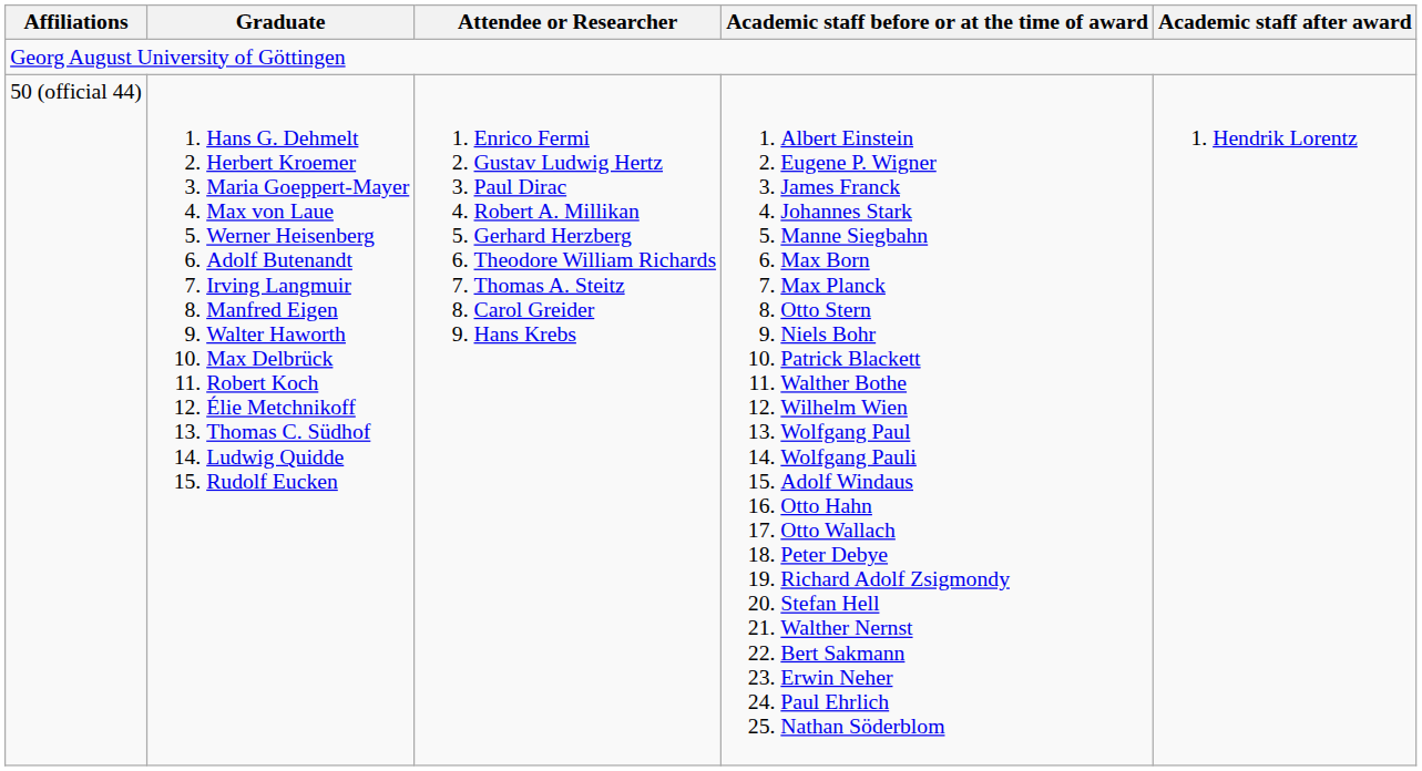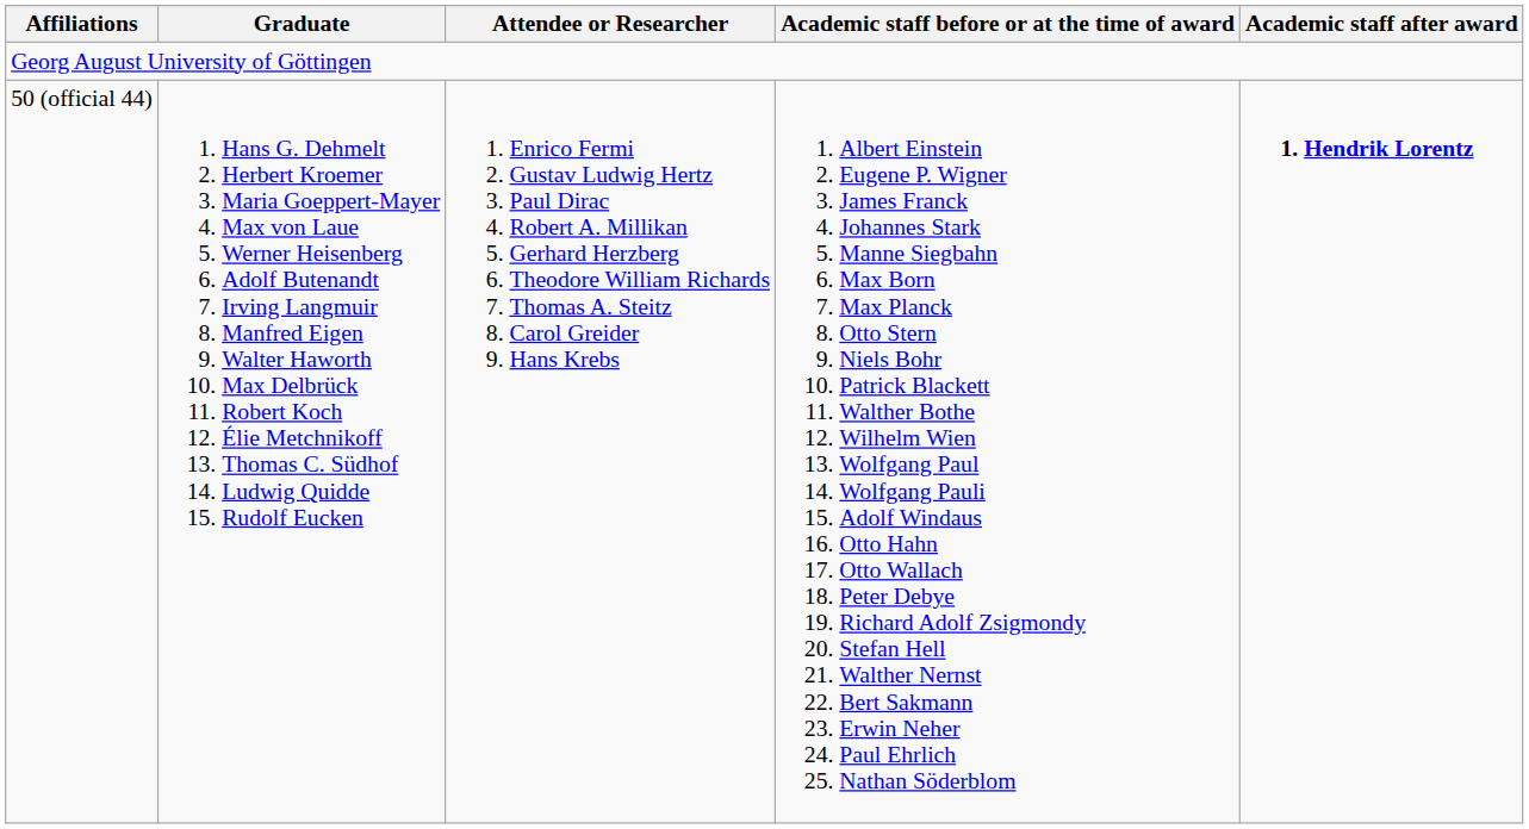 <table class="wikitable">
 <tr>
 <th>Affiliations</th>
 <th>Graduate</th>
 <th>Attendee or Researcher</th>
 <th>Academic staff before or at the time of award</th>
 <th>Academic staff after award</th>
 </tr>
 <tr>
 <td colspan="5"><a href='#'>Georg August University of Göttingen</a></td>
 </tr>
 <tr valign="top">
 <td>50 (official 44)</td>
 <td><br><ol><li> <a href='#'>Hans G. Dehmelt</a></li><li> <a href='#'>Herbert Kroemer</a></li><li> <a href='#'>Maria Goeppert-Mayer</a></li><li> <a href='#'>Max von Laue</a></li><li> <a href='#'>Werner Heisenberg</a></li><li> <a href='#'>Adolf Butenandt</a></li><li> <a href='#'>Irving Langmuir</a></li><li> <a href='#'>Manfred Eigen</a></li><li> <a href='#'>Walter Haworth</a></li><li> <a href='#'>Max Delbrück</a></li><li> <a href='#'>Robert Koch</a></li><li> <a href='#'>Élie Metchnikoff</a></li><li> <a href='#'>Thomas C. Südhof</a></li><li> <a href='#'>Ludwig Quidde</a></li><li> <a href='#'>Rudolf Eucken</a></li></ol></td>
 <td><br><ol><li> <a href='#'>Enrico Fermi</a></li><li> <a href='#'>Gustav Ludwig Hertz</a></li><li> <a href='#'>Paul Dirac</a></li><li> <a href='#'>Robert A. Millikan</a></li><li> <a href='#'>Gerhard Herzberg</a></li><li> <a href='#'>Theodore William Richards</a></li><li> <a href='#'>Thomas A. Steitz</a></li><li> <a href='#'>Carol Greider</a></li><li> <a href='#'>Hans Krebs</a></li></ol></td>
 <td><br><ol><li> <a href='#'>Albert Einstein</a></li><li> <a href='#'>Eugene P. Wigner</a></li><li> <a href='#'>James Franck</a></li><li> <a href='#'>Johannes Stark</a></li><li> <a href='#'>Manne Siegbahn</a></li><li> <a href='#'>Max Born</a></li><li> <a href='#'>Max Planck</a></li><li> <a href='#'>Otto Stern</a></li><li> <a href='#'>Niels Bohr</a></li><li> <a href='#'>Patrick Blackett</a></li><li> <a href='#'>Walther Bothe</a></li><li> <a href='#'>Wilhelm Wien</a></li><li> <a href='#'>Wolfgang Paul</a></li><li> <a href='#'>Wolfgang Pauli</a></li><li> <a href='#'>Adolf Windaus</a></li><li> <a href='#'>Otto Hahn</a></li><li> <a href='#'>Otto Wallach</a></li><li> <a href='#'>Peter Debye</a></li><li> <a href='#'>Richard Adolf Zsigmondy</a></li><li> <a href='#'>Stefan Hell</a></li><li> <a href='#'>Walther Nernst</a></li><li> <a href='#'>Bert Sakmann</a></li><li> <a href='#'>Erwin Neher</a></li><li> <a href='#'>Paul Ehrlich</a></li><li> <a href='#'>Nathan Söderblom</a></li></ol></td>
-<td><br><ol><li> <a href='#'>Hendrik Lorentz</a></li></ol></td>
+<td><strong><br><ol><li> <a href='#'>Hendrik Lorentz</a></li></ol></strong></td>
 </tr>
 </table>
